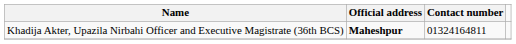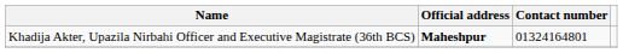 <table class="wikitable" style="margin:1em auto;">
 <tr>
 <th>Name</th>
 <th>Official address</th>
 <th>Contact number</th>
 </tr>
 <tr>
 <td> Khadija Akter, Upazila Nirbahi Officer and Executive Magistrate (36th BCS)</td>
 <td><strong> Maheshpur</strong></td>
-<td> 01324164811</td>
+<td> 01324164801</td>
 <td></td>
 </tr>
 <tr>
 </tr>
 </table>
